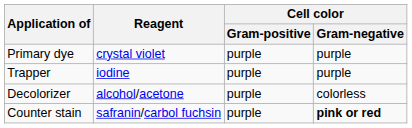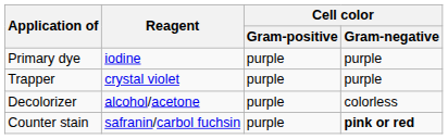 <table class="wikitable">
 <tr>
 <th rowspan=2>Application of</th>
 <th rowspan=2>Reagent</th>
 <th colspan=4>Cell color</th>
 </tr>
 <tr>
 <th>Gram-positive</th>
 <th>Gram-negative</th>
 </tr>
 <tr>
 <td>Primary dye</td>
-<td><a href='#'>crystal violet</a></td>
+<td><a href='#'>iodine</a></td>
 <td>purple</td>
 <td>purple</td>
 </tr>
 <tr>
 <td>Trapper</td>
-<td><a href='#'>iodine</a></td>
+<td><a href='#'>crystal violet</a></td>
 <td>purple</td>
 <td>purple</td>
 </tr>
 <tr>
 <td>Decolorizer</td>
 <td><a href='#'>alcohol</a>/<a href='#'>acetone</a></td>
 <td>purple</td>
 <td>colorless</td>
 </tr>
 <tr>
 <td>Counter stain</td>
 <td><a href='#'>safranin</a>/<a href='#'>carbol fuchsin</a></td>
 <td>purple</td>
 <td><strong>pink or red</strong></td>
 </tr>
 </table>
